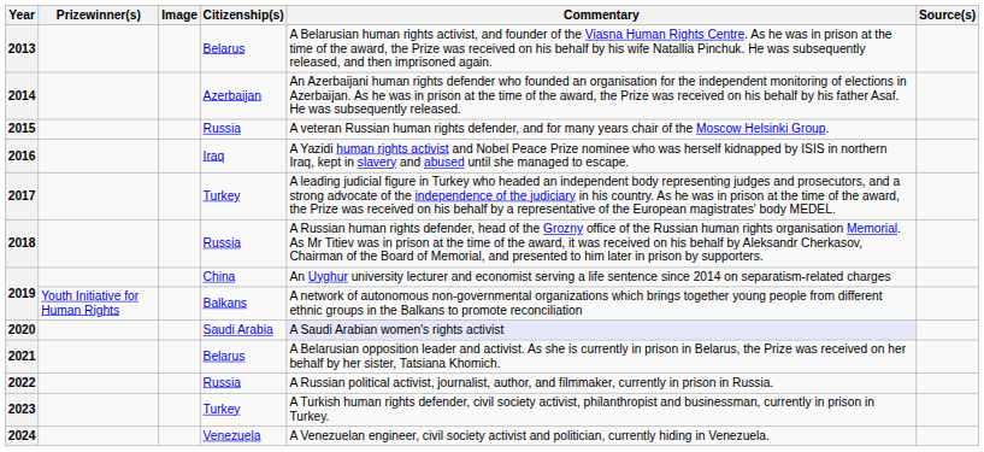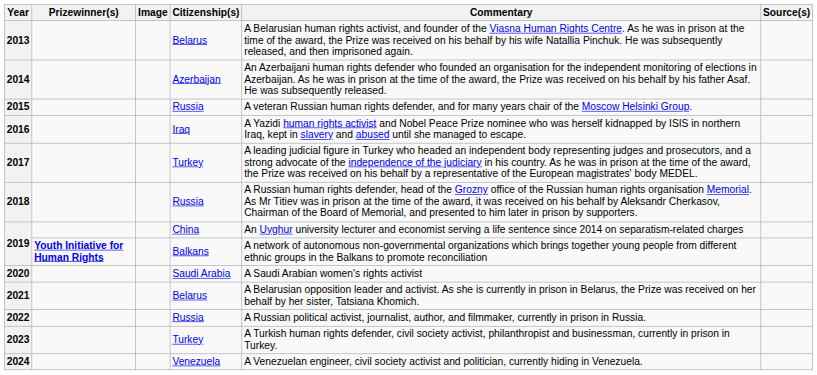 <table style="margin:auto;"  class="wikitable sortable plainrowheaders">
 <tr>
 <th scope=col>Year</th>
 <th scope=col>Prizewinner(s)</th>
 <th scope=col class=unsortable>Image</th>
 <th scope=col>Citizenship(s)</th>
 <th scope=col>Commentary</th>
 <th scope=col>Source(s)</th>
 </tr>
 <tr>
 <th scope=row>2013</th>
 <td></td>
 <td></td>
 <td><a href='#'>Belarus</a></td>
 <td>A Belarusian human rights activist, and founder of the <a href='#'>Viasna Human Rights Centre</a>. As he was in prison at the time of the award, the Prize was received on his behalf by his wife Natallia Pinchuk. He was subsequently released, and then imprisoned again.</td>
 <td></td>
 </tr>
 <tr>
 <th scope=row>2014</th>
 <td></td>
 <td></td>
 <td><a href='#'>Azerbaijan</a></td>
 <td>An Azerbaijani human rights defender who founded an organisation for the independent monitoring of elections in Azerbaijan. As he was in prison at the time of the award, the Prize was received on his behalf by his father Asaf. He was subsequently released.</td>
 <td></td>
 </tr>
 <tr>
 <th scope=row>2015</th>
 <td></td>
 <td></td>
 <td><a href='#'>Russia</a></td>
 <td>A veteran Russian human rights defender, and for many years chair of the <a href='#'>Moscow Helsinki Group</a>.</td>
 <td></td>
 </tr>
 <tr>
 <th scope=row>2016</th>
 <td></td>
 <td></td>
 <td><a href='#'>Iraq</a></td>
 <td>A Yazidi <a href='#'>human rights activist</a> and Nobel Peace Prize nominee who was herself kidnapped by ISIS in northern Iraq, kept in <a href='#'>slavery</a> and <a href='#'>abused</a> until she managed to escape.</td>
 <td></td>
 </tr>
 <tr>
 <th scope=row>2017</th>
 <td></td>
 <td></td>
 <td><a href='#'>Turkey</a></td>
 <td>A leading judicial figure in Turkey who headed an independent body representing judges and prosecutors, and a strong advocate of the <a href='#'>independence of the judiciary</a> in his country. As he was in prison at the time of the award, the Prize was received on his behalf by a representative of the European magistrates' body MEDEL.</td>
 <td></td>
 </tr>
 <tr>
 <th scope=row>2018</th>
 <td></td>
 <td></td>
 <td><a href='#'>Russia</a></td>
 <td>A Russian human rights defender, head of the <a href='#'>Grozny</a> office of the Russian human rights organisation <a href='#'>Memorial</a>. As Mr Titiev was in prison at the time of the award, it was received on his behalf by Aleksandr Cherkasov, Chairman of the Board of Memorial, and presented to him later in prison by supporters.</td>
 <td></td>
 </tr>
 <tr>
 <th scope=row rowspan=2>2019</th>
 <td></td>
 <td></td>
 <td><a href='#'>China</a></td>
 <td>An <a href='#'>Uyghur</a> university lecturer and economist serving a life sentence since 2014 on separatism-related charges</td>
 <td></td>
 </tr>
 <tr>
-<td><a href='#'>Youth Initiative for Human Rights</a></td>
+<td><strong><a href='#'>Youth Initiative for Human Rights</a></strong></td>
 <td></td>
 <td><a href='#'>Balkans</a></td>
 <td>A network of autonomous non-governmental organizations which brings together young people from different ethnic groups in the Balkans to promote reconciliation</td>
 <td></td>
 </tr>
 <tr>
 <th scope=row>2020</th>
 <td></td>
 <td></td>
 <td><a href='#'>Saudi Arabia</a></td>
-<td style="background: lavender;">A Saudi Arabian women's rights activist</td>
+<td>A Saudi Arabian women's rights activist</td>
 <td></td>
 </tr>
 <tr>
 <th scope=row>2021</th>
 <td></td>
 <td></td>
 <td><a href='#'>Belarus</a></td>
 <td>A Belarusian opposition leader and activist. As she is currently in prison in Belarus, the Prize was received on her behalf by her sister, Tatsiana Khomich.</td>
 <td></td>
 </tr>
 <tr>
 <th scope=row>2022</th>
 <td></td>
 <td></td>
 <td><a href='#'>Russia</a></td>
 <td>A Russian political activist, journalist, author, and filmmaker, currently in prison in Russia.</td>
 <td></td>
 </tr>
 <tr>
 <th scope=row>2023</th>
 <td></td>
 <td></td>
 <td><a href='#'>Turkey</a></td>
 <td>A Turkish human rights defender, civil society activist, philanthropist and businessman, currently in prison in Turkey.</td>
 <td></td>
 </tr>
 <tr>
 <th scope=row>2024</th>
 <td></td>
 <td></td>
 <td><a href='#'>Venezuela</a></td>
 <td>A Venezuelan engineer, civil society activist and politician, currently hiding in Venezuela.</td>
 <td></td>
 </tr>
 </table>
